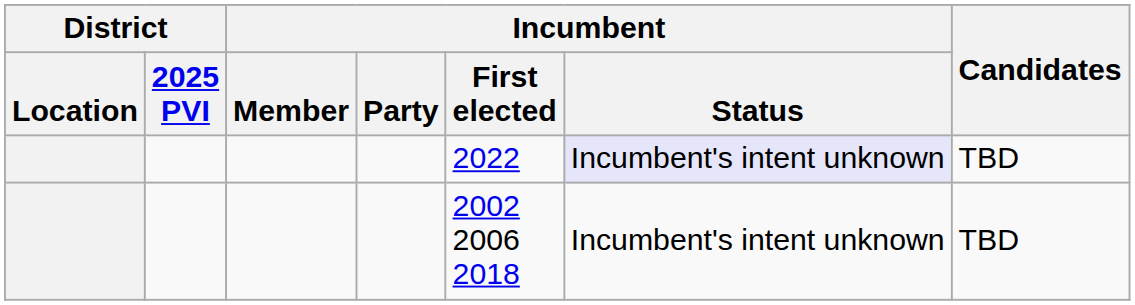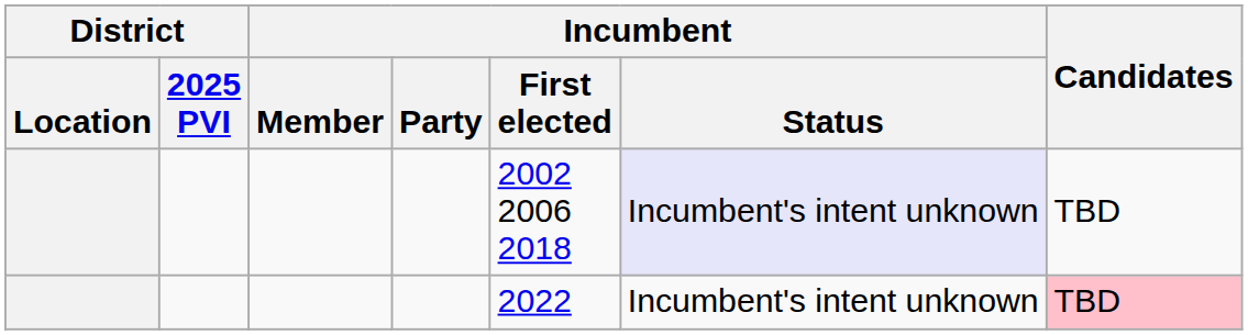 <table class="wikitable sortable">
 <tr>
 <th colspan=2>District</th>
 <th colspan=4>Incumbent</th>
 <th rowspan=2 class="unsortable">Candidates</th>
 </tr>
 <tr valign=bottom>
 <th>Location</th>
 <th><a href='#'>2025<br>PVI</a></th>
 <th>Member</th>
 <th>Party</th>
 <th>First<br>elected</th>
 <th>Status</th>
 </tr>
 <tr>
 <th></th>
 <td></td>
 <td></td>
 <td></td>
-<td><a href='#'>2022</a></td>
+<td><a href='#'>2002 </a><br>2006 <br><a href='#'>2018</a></td>
 <td style="background: lavender;">Incumbent's intent unknown</td>
 <td>TBD</td>
 </tr>
 <tr>
 <th></th>
 <td></td>
 <td></td>
 <td></td>
-<td><a href='#'>2002 </a><br>2006 <br><a href='#'>2018</a></td>
+<td><a href='#'>2022</a></td>
 <td>Incumbent's intent unknown</td>
-<td>TBD</td>
+<td style="background: pink;">TBD</td>
 </tr>
 </table>
